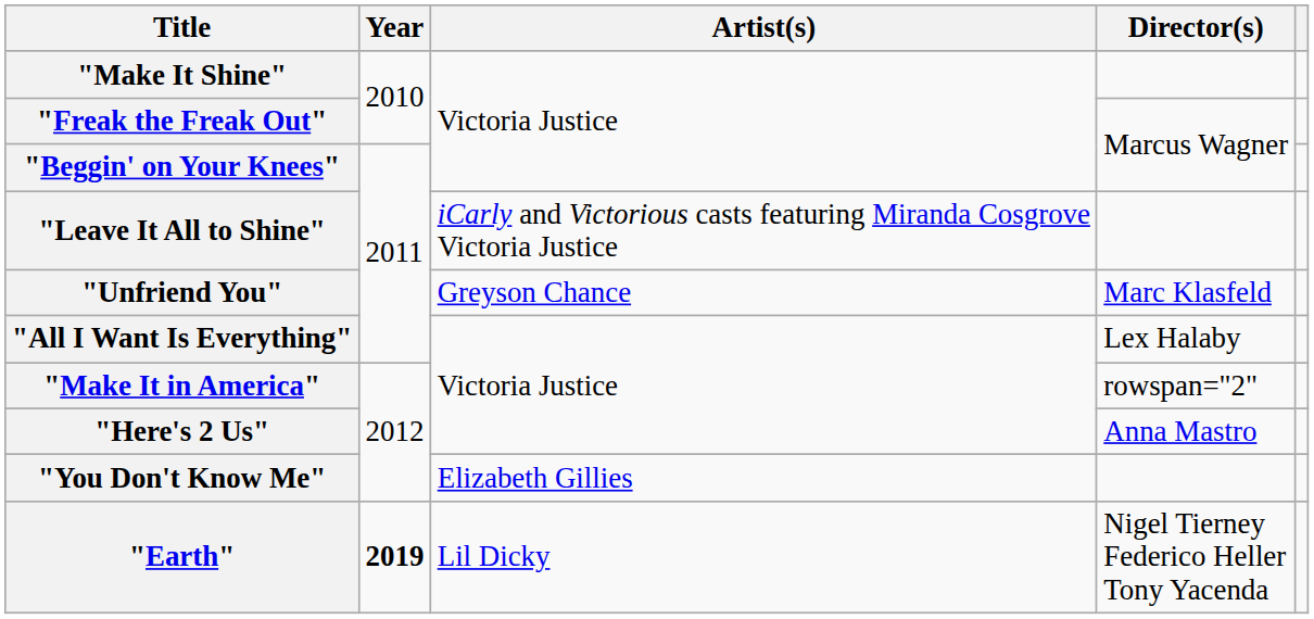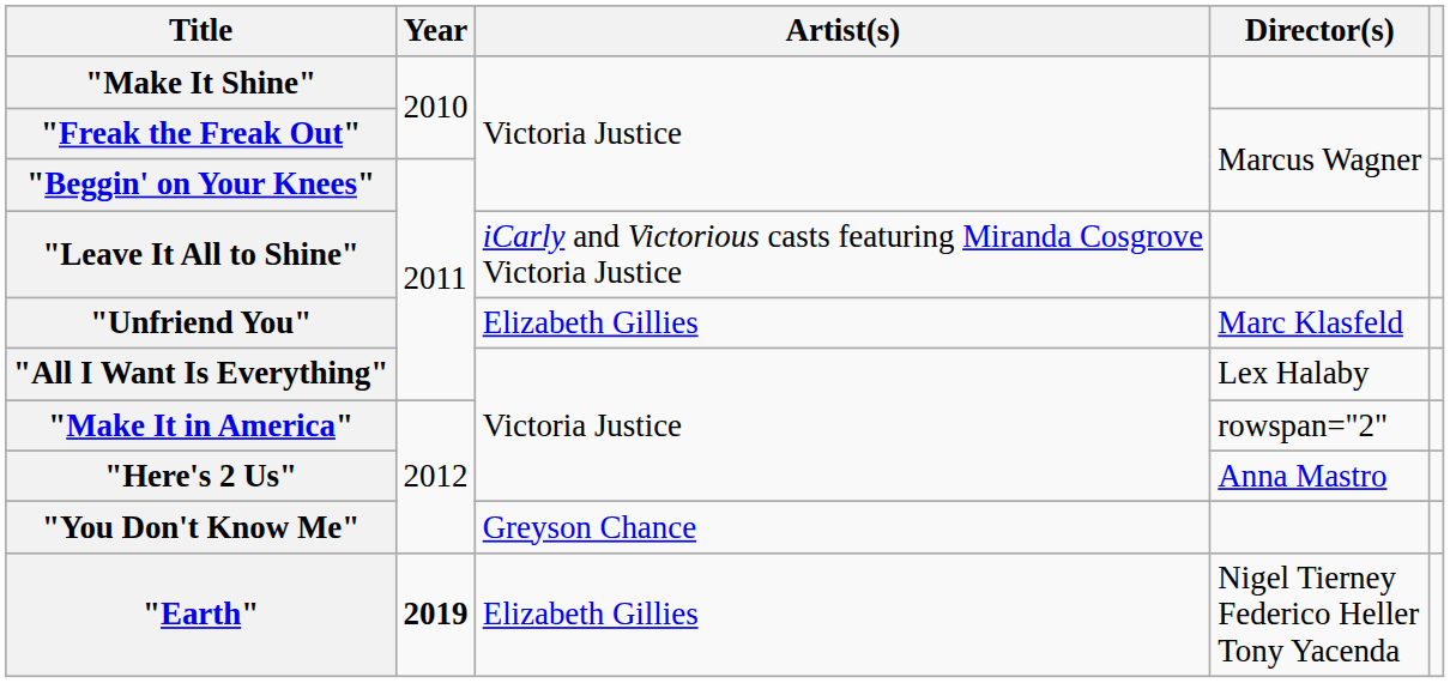 <table class="wikitable sortable plainrowheaders">
 <tr>
 <th scope="col">Title</th>
 <th scope="col">Year</th>
 <th scope="col">Artist(s)</th>
 <th scope="col">Director(s)</th>
 <th scope="col" class=unsortable></th>
 </tr>
 <tr>
 <th scope="row">"Make It Shine"</th>
 <td rowspan="2">2010</td>
 <td rowspan="3">Victoria Justice</td>
 <td></td>
 <td></td>
 </tr>
 <tr>
 <th scope="row">"<a href='#'>Freak the Freak Out</a>"</th>
 <td rowspan="2">Marcus Wagner</td>
 <td></td>
 </tr>
 <tr>
 <th scope="row">"<a href='#'>Beggin' on Your Knees</a>"</th>
 <td rowspan="4">2011</td>
 <td></td>
 </tr>
 <tr>
 <th scope="row">"Leave It All to Shine"</th>
 <td><em><a href='#'>iCarly</a></em> and <em>Victorious</em> casts featuring <a href='#'>Miranda Cosgrove</a><br>Victoria Justice</td>
 <td></td>
 <td></td>
 </tr>
 <tr>
 <th scope="row">"Unfriend You"</th>
-<td><a href='#'>Greyson Chance</a></td>
+<td><a href='#'>Elizabeth Gillies</a></td>
 <td><a href='#'>Marc Klasfeld</a></td>
 <td></td>
 </tr>
 <tr>
 <th scope="row">"All I Want Is Everything"</th>
 <td rowspan="3">Victoria Justice</td>
 <td>Lex Halaby</td>
 <td></td>
 </tr>
 <tr>
 <th scope="row">"<a href='#'>Make It in America</a>"</th>
 <td rowspan="3">2012</td>
 <td>rowspan="2" </td>
 <td></td>
 </tr>
 <tr>
 <th scope="row">"Here's 2 Us"</th>
 <td><a href='#'>Anna Mastro</a></td>
 <td></td>
 </tr>
 <tr>
 <th scope="row">"You Don't Know Me"</th>
-<td><a href='#'>Elizabeth Gillies</a></td>
+<td><a href='#'>Greyson Chance</a></td>
 <td></td>
 </tr>
 <tr>
 <th scope="row">"<a href='#'>Earth</a>"</th>
 <td><strong>2019</strong></td>
-<td><a href='#'>Lil Dicky</a></td>
+<td><a href='#'>Elizabeth Gillies</a></td>
 <td>Nigel Tierney<br>Federico Heller<br>Tony Yacenda</td>
 <td></td>
 </tr>
 </table>
